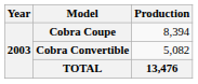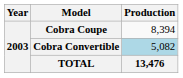 <table class=wikitable>
 <tr>
 <th>Year</th>
 <th>Model</th>
 <th>Production</th>
 </tr>
 <tr>
 <th rowspan=3>2003</th>
 <th align=right>Cobra Coupe</th>
 <td align=right>8,394</td>
 </tr>
 <tr>
 <th align=right>Cobra Convertible</th>
-<td align=right>5,082</td>
+<td align=right style="background: lightblue;">5,082</td>
 </tr>
 <tr>
 <th>TOTAL</th>
 <th align=right>13,476</th>
 </tr>
 </table>
